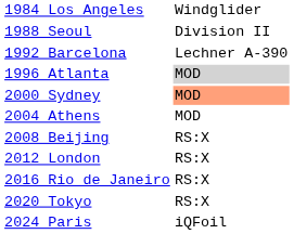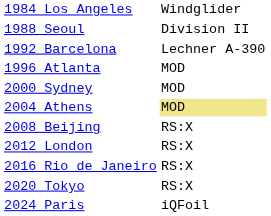 <table>
 <tr>
 <td><a href='#'>1984 Los Angeles</a> <br> </td>
 <td>Windglider</td>
 <td></td>
 <td></td>
 <td></td>
 </tr>
 <tr>
 <td><a href='#'>1988 Seoul</a> <br> </td>
 <td>Division II</td>
 <td></td>
 <td></td>
 <td></td>
 </tr>
 <tr>
 <td><a href='#'>1992 Barcelona</a> <br> </td>
 <td>Lechner A-390</td>
 <td></td>
 <td></td>
 <td></td>
 </tr>
 <tr>
 <td><a href='#'>1996 Atlanta</a> <br> </td>
-<td style="background: lightgrey;">MOD</td>
+<td>MOD</td>
 <td></td>
 <td></td>
 <td></td>
 </tr>
 <tr>
 <td><a href='#'>2000 Sydney</a> <br> </td>
-<td style="background: lightsalmon;">MOD</td>
+<td>MOD</td>
 <td></td>
 <td></td>
 <td></td>
 </tr>
 <tr>
 <td><a href='#'>2004 Athens</a> <br> </td>
-<td>MOD</td>
+<td style="background: khaki;">MOD</td>
 <td></td>
 <td></td>
 <td></td>
 </tr>
 <tr>
 <td><a href='#'>2008 Beijing</a> <br> </td>
 <td>RS:X</td>
 <td></td>
 <td></td>
 <td></td>
 </tr>
 <tr>
 <td><a href='#'>2012 London</a> <br> </td>
 <td>RS:X</td>
 <td></td>
 <td></td>
 <td></td>
 </tr>
 <tr>
 <td><a href='#'>2016 Rio de Janeiro</a> <br> </td>
 <td>RS:X</td>
 <td></td>
 <td></td>
 <td></td>
 </tr>
 <tr>
 <td><a href='#'>2020 Tokyo</a> <br> </td>
 <td>RS:X</td>
 <td></td>
 <td></td>
 <td></td>
 </tr>
 <tr>
 <td><a href='#'>2024 Paris</a> <br> </td>
 <td>iQFoil</td>
 <td></td>
 <td></td>
 <td></td>
 </tr>
 <tr>
 </tr>
 </table>
